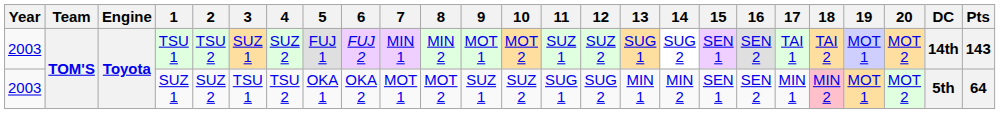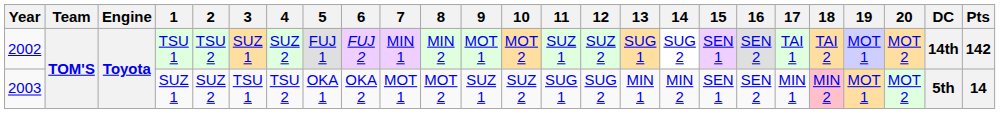 <table class="wikitable" style="text-align:center; font-size:90%">
 <tr>
 <th>Year</th>
 <th>Team</th>
 <th>Engine</th>
 <th>1</th>
 <th>2</th>
 <th>3</th>
 <th>4</th>
 <th>5</th>
 <th>6</th>
 <th>7</th>
 <th>8</th>
 <th>9</th>
 <th>10</th>
 <th>11</th>
 <th>12</th>
 <th>13</th>
 <th>14</th>
 <th>15</th>
 <th>16</th>
 <th>17</th>
 <th>18</th>
 <th>19</th>
 <th>20</th>
 <th>DC</th>
 <th>Pts</th>
 </tr>
 <tr>
-<td><a href='#'>2003</a></td>
+<td><a href='#'>2002</a></td>
 <th rowspan="2"><a href='#'>TOM'S</a></th>
 <th rowspan="2"><a href='#'>Toyota</a></th>
 <td style="background:#DFFFDF;"><a href='#'>TSU<br>1</a><br></td>
 <td style="background:#DFFFDF;"><a href='#'>TSU<br>2</a><br></td>
 <td style="background:#FFDF9F;"><a href='#'>SUZ<br>1</a><br></td>
 <td style="background:#DFFFDF;"><a href='#'>SUZ<br>2</a><br></td>
 <td style="background:#DFDFDF;"><a href='#'>FUJ<br>1</a><br></td>
 <td style="background:#EFCFFF;"><em><a href='#'>FUJ<br>2</a></em><br></td>
 <td style="background:#EFCFFF;"><a href='#'>MIN<br>1</a><br></td>
 <td style="background:#DFFFDF;"><a href='#'>MIN<br>2</a><br></td>
 <td style="background:#DFFFDF;"><a href='#'>MOT<br>1</a><br></td>
 <td style="background:#FFDF9F;"><a href='#'>MOT<br>2</a><br></td>
 <td style="background:#DFFFDF;"><a href='#'>SUZ<br>1</a><br></td>
 <td style="background:#DFFFDF;"><a href='#'>SUZ<br>2</a><br></td>
 <td style="background:#FFDF9F;"><a href='#'>SUG<br>1</a><br></td>
 <td style="background:#FFFFFF;"><a href='#'>SUG<br>2</a><br></td>
 <td style="background:#EFCFFF;"><a href='#'>SEN<br>1</a><br></td>
 <td style="background:#DFDFDF;"><a href='#'>SEN<br>2</a><br></td>
 <td style="background:#DFFFDF;"><a href='#'>TAI<br>1</a><br></td>
 <td style="background:#FFDF9F;"><a href='#'>TAI<br>2</a><br></td>
 <td style="background:#CFCFFF;"><a href='#'>MOT<br>1</a><br></td>
 <td style="background:#FFDF9F;"><a href='#'>MOT<br>2</a><br></td>
 <th>14th</th>
-<th>143</th>
+<th>142</th>
 </tr>
 <tr>
 <td><a href='#'>2003</a></td>
 <td><a href='#'>SUZ<br>1</a></td>
 <td><a href='#'>SUZ<br>2</a></td>
 <td><a href='#'>TSU<br>1</a></td>
 <td><a href='#'>TSU<br>2</a></td>
 <td><a href='#'>OKA<br>1</a></td>
 <td><a href='#'>OKA<br>2</a></td>
 <td><a href='#'>MOT<br>1</a></td>
 <td><a href='#'>MOT<br>2</a></td>
 <td><a href='#'>SUZ<br>1</a></td>
 <td><a href='#'>SUZ<br>2</a></td>
 <td><a href='#'>SUG<br>1</a></td>
 <td><a href='#'>SUG<br>2</a></td>
 <td><a href='#'>MIN<br>1</a></td>
 <td><a href='#'>MIN<br>2</a></td>
 <td><a href='#'>SEN<br>1</a></td>
 <td><a href='#'>SEN<br>2</a></td>
 <td><a href='#'>MIN<br>1</a></td>
 <td style="background: pink;"><a href='#'>MIN<br>2</a></td>
 <td style="background:#FFDF9F;"><a href='#'>MOT<br>1</a><br></td>
 <td style="background:#DFFFDF;"><a href='#'>MOT<br>2</a><br></td>
 <th>5th</th>
-<th>64</th>
+<th>14</th>
 </tr>
 </table>
